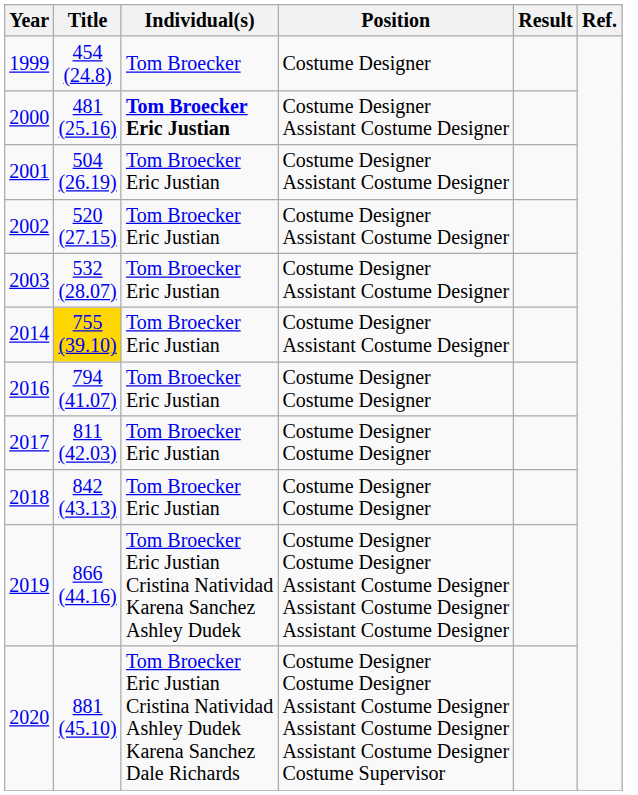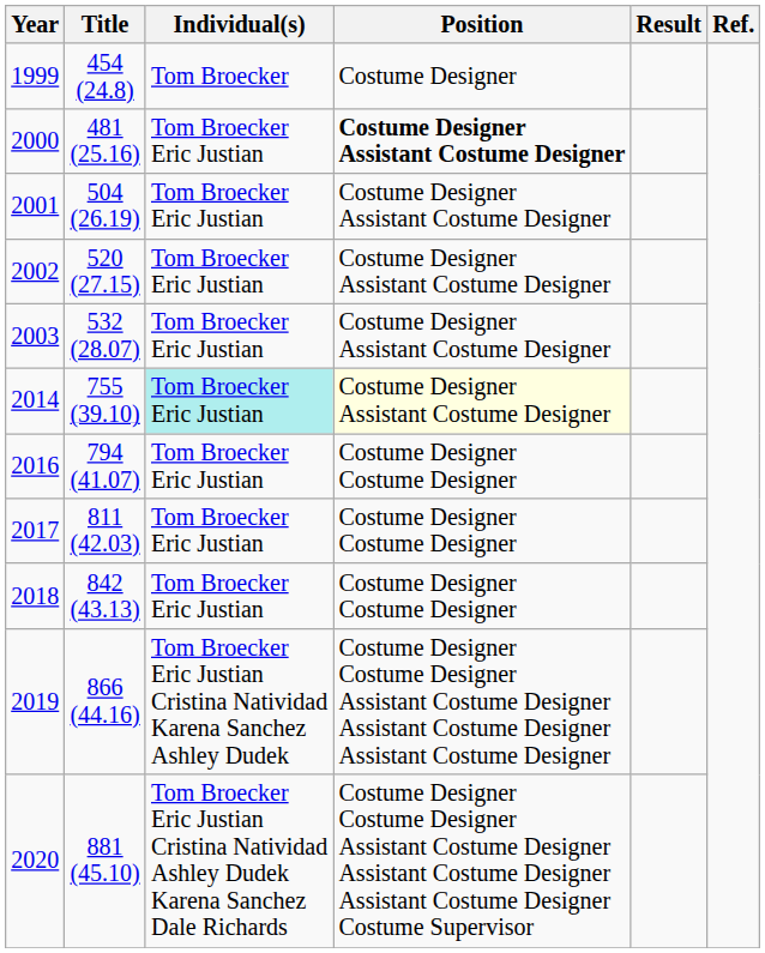 <table class="wikitable">
 <tr>
 <th>Year</th>
 <th>Title</th>
 <th>Individual(s)</th>
 <th>Position</th>
 <th>Result</th>
 <th>Ref.</th>
 </tr>
 <tr>
 <td><a href='#'>1999</a></td>
 <td align="center"><a href='#'>454 <br> (24.8)</a></td>
 <td><a href='#'>Tom Broecker</a></td>
 <td>Costume Designer</td>
 <td></td>
 <td rowspan="11" align="center"></td>
 </tr>
 <tr>
 <td><a href='#'>2000</a></td>
 <td align="center"><a href='#'>481 <br> (25.16)</a></td>
-<td><strong><a href='#'>Tom Broecker</a> <br> Eric Justian</strong></td>
-<td>Costume Designer <br> Assistant Costume Designer</td>
+<td><a href='#'>Tom Broecker</a> <br> Eric Justian</td>
+<td><strong>Costume Designer <br> Assistant Costume Designer</strong></td>
 <td></td>
 </tr>
 <tr>
 <td><a href='#'>2001</a></td>
 <td align="center"><a href='#'>504 <br> (26.19)</a></td>
 <td><a href='#'>Tom Broecker</a> <br> Eric Justian</td>
 <td>Costume Designer <br> Assistant Costume Designer</td>
 <td></td>
 </tr>
 <tr>
 <td><a href='#'>2002</a></td>
 <td align="center"><a href='#'>520 <br> (27.15)</a></td>
 <td><a href='#'>Tom Broecker</a> <br> Eric Justian</td>
 <td>Costume Designer <br> Assistant Costume Designer</td>
 <td></td>
 </tr>
 <tr>
 <td><a href='#'>2003</a></td>
 <td align="center"><a href='#'>532 <br> (28.07)</a></td>
 <td><a href='#'>Tom Broecker</a> <br> Eric Justian</td>
 <td>Costume Designer <br> Assistant Costume Designer</td>
 <td></td>
 </tr>
 <tr>
 <td><a href='#'>2014</a></td>
-<td align="center" style="background: gold;"><a href='#'>755 <br> (39.10)</a></td>
-<td><a href='#'>Tom Broecker</a> <br> Eric Justian</td>
-<td>Costume Designer <br> Assistant Costume Designer</td>
+<td align="center"><a href='#'>755 <br> (39.10)</a></td>
+<td style="background: paleturquoise;"><a href='#'>Tom Broecker</a> <br> Eric Justian</td>
+<td style="background: lightyellow;">Costume Designer <br> Assistant Costume Designer</td>
 <td></td>
 </tr>
 <tr>
 <td><a href='#'>2016</a></td>
 <td align="center"><a href='#'>794 <br> (41.07)</a></td>
 <td><a href='#'>Tom Broecker</a> <br> Eric Justian</td>
 <td>Costume Designer <br> Costume Designer</td>
 <td></td>
 </tr>
 <tr>
 <td><a href='#'>2017</a></td>
 <td align="center"><a href='#'>811 <br> (42.03)</a></td>
 <td><a href='#'>Tom Broecker</a> <br> Eric Justian</td>
 <td>Costume Designer <br> Costume Designer</td>
 <td></td>
 </tr>
 <tr>
 <td><a href='#'>2018</a></td>
 <td align="center"><a href='#'>842 <br> (43.13)</a></td>
 <td><a href='#'>Tom Broecker</a> <br> Eric Justian</td>
 <td>Costume Designer <br> Costume Designer</td>
 <td></td>
 </tr>
 <tr>
 <td><a href='#'>2019</a></td>
 <td align="center"><a href='#'>866 <br> (44.16)</a></td>
 <td><a href='#'>Tom Broecker</a> <br> Eric Justian <br> Cristina Natividad <br> Karena Sanchez <br> Ashley Dudek</td>
 <td>Costume Designer <br> Costume Designer <br> Assistant Costume Designer <br> Assistant Costume Designer <br> Assistant Costume Designer</td>
 <td></td>
 </tr>
 <tr>
 <td><a href='#'>2020</a></td>
 <td align="center"><a href='#'>881 <br> (45.10)</a></td>
 <td><a href='#'>Tom Broecker</a> <br> Eric Justian <br> Cristina Natividad <br> Ashley Dudek <br> Karena Sanchez <br> Dale Richards</td>
 <td>Costume Designer <br> Costume Designer <br> Assistant Costume Designer <br> Assistant Costume Designer <br> Assistant Costume Designer <br> Costume Supervisor</td>
 <td></td>
 </tr>
 </table>
